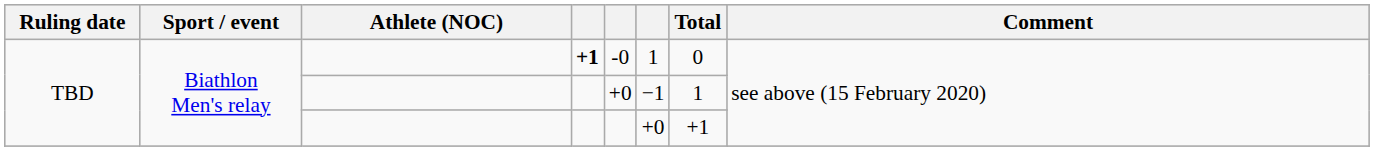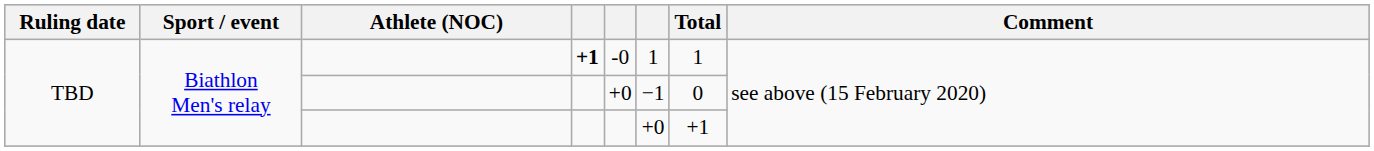 <table class="wikitable" style="text-align:center; font-size:85%;">
 <tr>
 <th style="width:10%">Ruling date</th>
 <th style="width:12%">Sport / event</th>
 <th style="width:20%">Athlete (NOC)</th>
 <th style="width:2%"></th>
 <th style="width:2%"></th>
 <th style="width:2%"></th>
 <th style="width:4%">Total</th>
 <th style="width:50%">Comment</th>
 </tr>
 <tr>
 <td rowspan=3>TBD</td>
 <td rowspan=3><a href='#'>Biathlon</a><br><a href='#'>Men's relay</a></td>
 <td align=left></td>
 <td><strong>+1</strong></td>
 <td>-0</td>
 <td>1</td>
-<td>0</td>
+<td>1</td>
 <td rowspan=3 align=left>see above (15 February 2020)</td>
 </tr>
 <tr>
 <td align=left></td>
 <td></td>
 <td>+0</td>
 <td>−1</td>
-<td>1</td>
+<td>0</td>
 </tr>
 <tr>
 <td align=left></td>
 <td></td>
 <td></td>
 <td>+0</td>
 <td>+1</td>
 </tr>
 </table>
